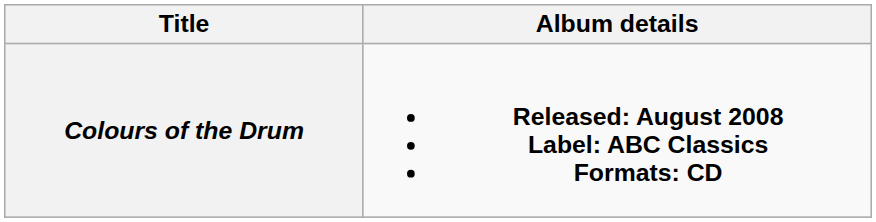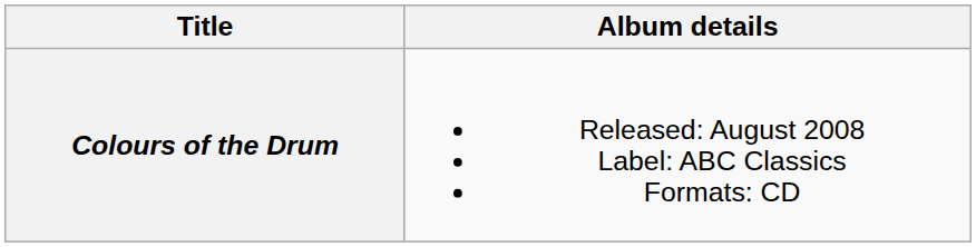 <table class="wikitable plainrowheaders" style="text-align:center;">
 <tr>
 <th scope="col" rowspan="1" style="width:14em;">Title</th>
 <th scope="col" rowspan="1" style="width:20em;">Album details</th>
 </tr>
 <tr>
 <th scope="row"><em>Colours of the Drum</em></th>
-<td><strong><br><ul><li>Released: August 2008</li><li>Label: ABC Classics</li><li>Formats: CD</li></ul></strong></td>
+<td><br><ul><li>Released: August 2008</li><li>Label: ABC Classics</li><li>Formats: CD</li></ul></td>
 </tr>
 </table>
